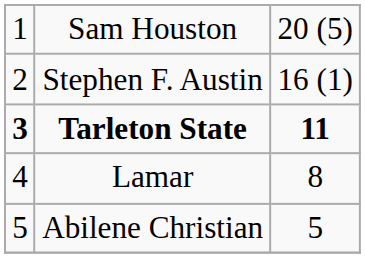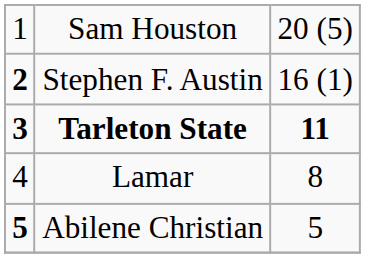 <table class="wikitable">
 <tr align="center">
 <td>1</td>
 <td>Sam Houston</td>
 <td>20 (5)</td>
 </tr>
 <tr align="center">
-<td>2</td>
+<td><strong>2</strong></td>
 <td>Stephen F. Austin</td>
 <td>16 (1)</td>
 </tr>
 <tr align="center">
 <td><strong>3</strong></td>
 <td><strong>Tarleton State</strong></td>
 <td><strong>11</strong></td>
 </tr>
 <tr align="center">
 <td>4</td>
 <td>Lamar</td>
 <td>8</td>
 </tr>
 <tr align="center">
-<td>5</td>
+<td><strong>5</strong></td>
 <td>Abilene Christian</td>
 <td>5</td>
 </tr>
 <tr align="center">
 </tr>
 </table>
